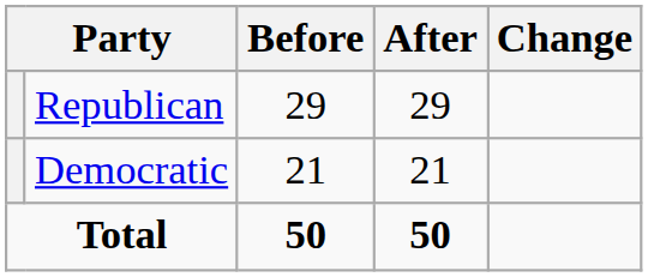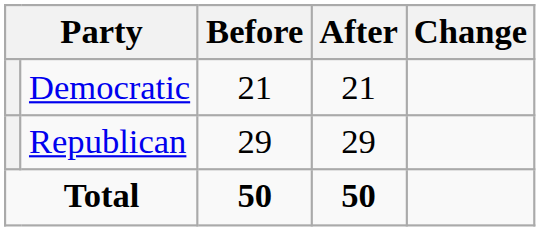 <table class="wikitable" style="text-align:center;">
 <tr>
 <th colspan="2">Party</th>
 <th>Before</th>
 <th>After</th>
 <th>Change</th>
 </tr>
 <tr>
 <th style="background-color:"></th>
-<td style="text-align:left;"><a href='#'>Republican</a></td>
-<td>29</td>
-<td>29</td>
+<td style="text-align:left;"><a href='#'>Democratic</a></td>
+<td>21</td>
+<td>21</td>
 <td></td>
 </tr>
 <tr>
 <th style="background-color:"></th>
-<td style="text-align:left;"><a href='#'>Democratic</a></td>
-<td>21</td>
-<td>21</td>
+<td style="text-align:left;"><a href='#'>Republican</a></td>
+<td>29</td>
+<td>29</td>
 <td></td>
 </tr>
 <tr>
 <td colspan="2"><strong>Total</strong></td>
 <td><strong>50</strong></td>
 <td><strong>50</strong></td>
 <td></td>
 </tr>
 </table>
